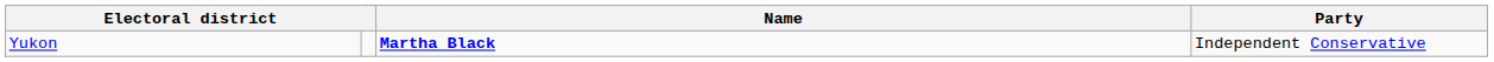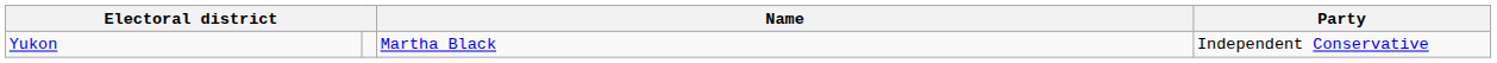 <table class="wikitable" width=95%>
 <tr>
 <th colspan=2 width=25%>Electoral district</th>
 <th>Name</th>
 <th width=20%>Party</th>
 </tr>
 <tr>
 <td width=24%><a href='#'>Yukon</a></td>
 <td></td>
-<td><strong><a href='#'>Martha Black</a></strong></td>
+<td><a href='#'>Martha Black</a></td>
 <td>Independent <a href='#'>Conservative</a></td>
 </tr>
 </table>
